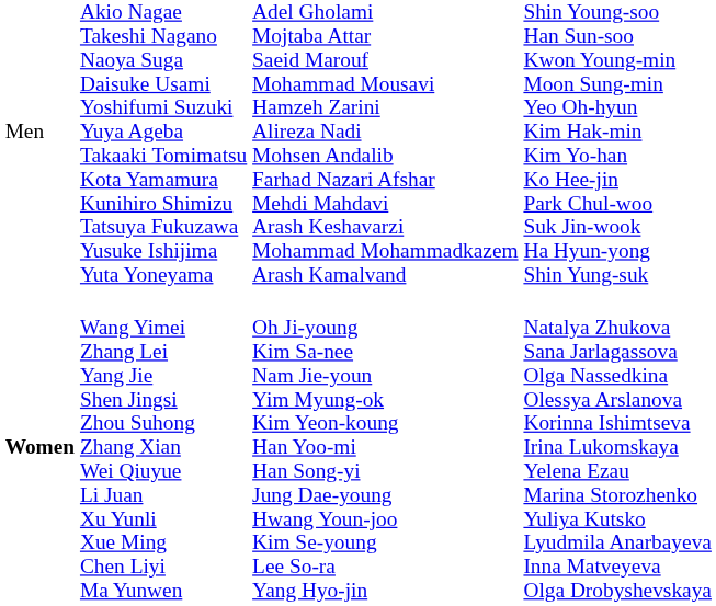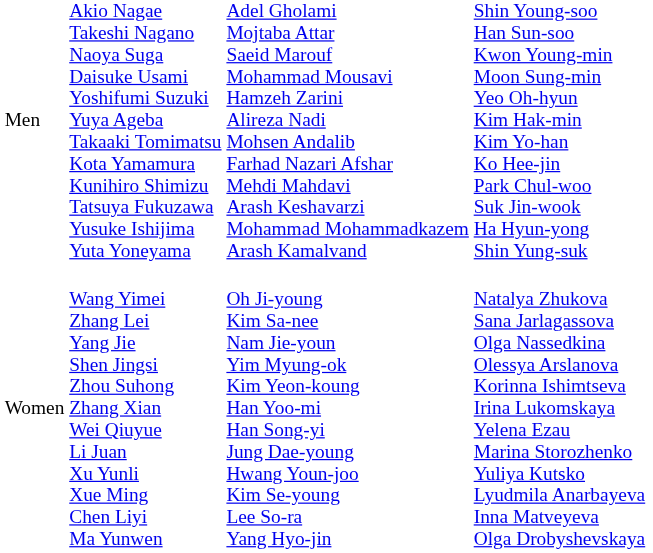 <table>
 <tr>
 <td>Men<br></td>
 <td><br><a href='#'>Akio Nagae</a><br><a href='#'>Takeshi Nagano</a><br><a href='#'>Naoya Suga</a><br><a href='#'>Daisuke Usami</a><br><a href='#'>Yoshifumi Suzuki</a><br><a href='#'>Yuya Ageba</a><br><a href='#'>Takaaki Tomimatsu</a><br><a href='#'>Kota Yamamura</a><br><a href='#'>Kunihiro Shimizu</a><br><a href='#'>Tatsuya Fukuzawa</a><br><a href='#'>Yusuke Ishijima</a><br><a href='#'>Yuta Yoneyama</a></td>
 <td><br><a href='#'>Adel Gholami</a><br><a href='#'>Mojtaba Attar</a><br><a href='#'>Saeid Marouf</a><br><a href='#'>Mohammad Mousavi</a><br><a href='#'>Hamzeh Zarini</a><br><a href='#'>Alireza Nadi</a><br><a href='#'>Mohsen Andalib</a><br><a href='#'>Farhad Nazari Afshar</a><br><a href='#'>Mehdi Mahdavi</a><br><a href='#'>Arash Keshavarzi</a><br><a href='#'>Mohammad Mohammadkazem</a><br><a href='#'>Arash Kamalvand</a></td>
 <td><br><a href='#'>Shin Young-soo</a><br><a href='#'>Han Sun-soo</a><br><a href='#'>Kwon Young-min</a><br><a href='#'>Moon Sung-min</a><br><a href='#'>Yeo Oh-hyun</a><br><a href='#'>Kim Hak-min</a><br><a href='#'>Kim Yo-han</a><br><a href='#'>Ko Hee-jin</a><br><a href='#'>Park Chul-woo</a><br><a href='#'>Suk Jin-wook</a><br><a href='#'>Ha Hyun-yong</a><br><a href='#'>Shin Yung-suk</a></td>
 </tr>
 <tr>
-<td><strong>Women<br></strong></td>
+<td>Women<br></td>
 <td><br><a href='#'>Wang Yimei</a><br><a href='#'>Zhang Lei</a><br><a href='#'>Yang Jie</a><br><a href='#'>Shen Jingsi</a><br><a href='#'>Zhou Suhong</a><br><a href='#'>Zhang Xian</a><br><a href='#'>Wei Qiuyue</a><br><a href='#'>Li Juan</a><br><a href='#'>Xu Yunli</a><br><a href='#'>Xue Ming</a><br><a href='#'>Chen Liyi</a><br><a href='#'>Ma Yunwen</a></td>
 <td><br><a href='#'>Oh Ji-young</a><br><a href='#'>Kim Sa-nee</a><br><a href='#'>Nam Jie-youn</a><br><a href='#'>Yim Myung-ok</a><br><a href='#'>Kim Yeon-koung</a><br><a href='#'>Han Yoo-mi</a><br><a href='#'>Han Song-yi</a><br><a href='#'>Jung Dae-young</a><br><a href='#'>Hwang Youn-joo</a><br><a href='#'>Kim Se-young</a><br><a href='#'>Lee So-ra</a><br><a href='#'>Yang Hyo-jin</a></td>
 <td><br><a href='#'>Natalya Zhukova</a><br><a href='#'>Sana Jarlagassova</a><br><a href='#'>Olga Nassedkina</a><br><a href='#'>Olessya Arslanova</a><br><a href='#'>Korinna Ishimtseva</a><br><a href='#'>Irina Lukomskaya</a><br><a href='#'>Yelena Ezau</a><br><a href='#'>Marina Storozhenko</a><br><a href='#'>Yuliya Kutsko</a><br><a href='#'>Lyudmila Anarbayeva</a><br><a href='#'>Inna Matveyeva</a><br><a href='#'>Olga Drobyshevskaya</a></td>
 </tr>
 </table>
